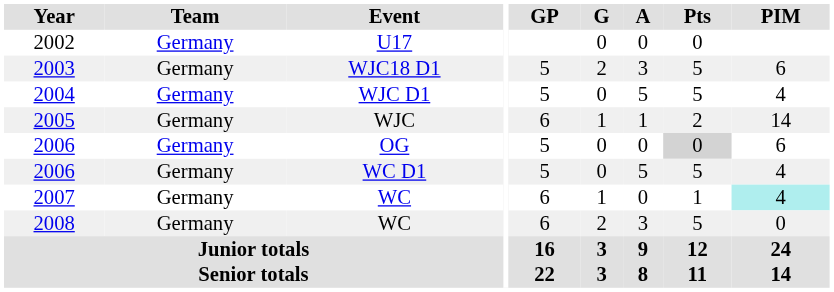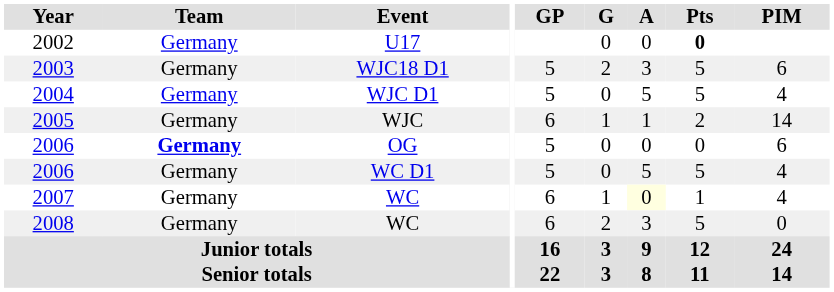 <table border="0" cellpadding="1" cellspacing="0" ID="Table3" style="text-align:center; width:40em">
 <tr ALIGN="center" bgcolor="#e0e0e0">
 <th>Year</th>
 <th>Team</th>
 <th>Event</th>
 <th rowspan="99" bgcolor="#ffffff"></th>
 <th>GP</th>
 <th>G</th>
 <th>A</th>
 <th>Pts</th>
 <th>PIM</th>
 </tr>
 <tr>
 <td>2002</td>
 <td><a href='#'>Germany</a></td>
 <td><a href='#'>U17</a></td>
 <td></td>
 <td>0</td>
 <td>0</td>
-<td>0</td>
+<td><strong>0</strong></td>
 <td></td>
 </tr>
 <tr bgcolor="#f0f0f0">
 <td><a href='#'>2003</a></td>
 <td>Germany</td>
 <td><a href='#'>WJC18 D1</a></td>
 <td>5</td>
 <td>2</td>
 <td>3</td>
 <td>5</td>
 <td>6</td>
 </tr>
 <tr>
 <td><a href='#'>2004</a></td>
 <td><a href='#'>Germany</a></td>
 <td><a href='#'>WJC D1</a></td>
 <td>5</td>
 <td>0</td>
 <td>5</td>
 <td>5</td>
 <td>4</td>
 </tr>
 <tr bgcolor="#f0f0f0">
 <td><a href='#'>2005</a></td>
 <td>Germany</td>
 <td>WJC</td>
 <td>6</td>
 <td>1</td>
 <td>1</td>
 <td>2</td>
 <td>14</td>
 </tr>
 <tr>
 <td><a href='#'>2006</a></td>
-<td><a href='#'>Germany</a></td>
+<td><strong><a href='#'>Germany</a></strong></td>
 <td><a href='#'>OG</a></td>
 <td>5</td>
 <td>0</td>
 <td>0</td>
-<td style="background: lightgrey;">0</td>
+<td>0</td>
 <td>6</td>
 </tr>
 <tr bgcolor="#f0f0f0">
 <td><a href='#'>2006</a></td>
 <td>Germany</td>
 <td><a href='#'>WC D1</a></td>
 <td>5</td>
 <td>0</td>
 <td>5</td>
 <td>5</td>
 <td>4</td>
 </tr>
 <tr>
 <td><a href='#'>2007</a></td>
 <td>Germany</td>
 <td><a href='#'>WC</a></td>
 <td>6</td>
 <td>1</td>
-<td>0</td>
+<td style="background: lightyellow;">0</td>
 <td>1</td>
-<td style="background: paleturquoise;">4</td>
+<td>4</td>
 </tr>
 <tr bgcolor="#f0f0f0">
 <td><a href='#'>2008</a></td>
 <td>Germany</td>
 <td>WC</td>
 <td>6</td>
 <td>2</td>
 <td>3</td>
 <td>5</td>
 <td>0</td>
 </tr>
 <tr bgcolor="#e0e0e0">
 <th colspan="3">Junior totals</th>
 <th>16</th>
 <th>3</th>
 <th>9</th>
 <th>12</th>
 <th>24</th>
 </tr>
 <tr bgcolor="#e0e0e0">
 <th colspan="3">Senior totals</th>
 <th>22</th>
 <th>3</th>
 <th>8</th>
 <th>11</th>
 <th>14</th>
 </tr>
 </table>
